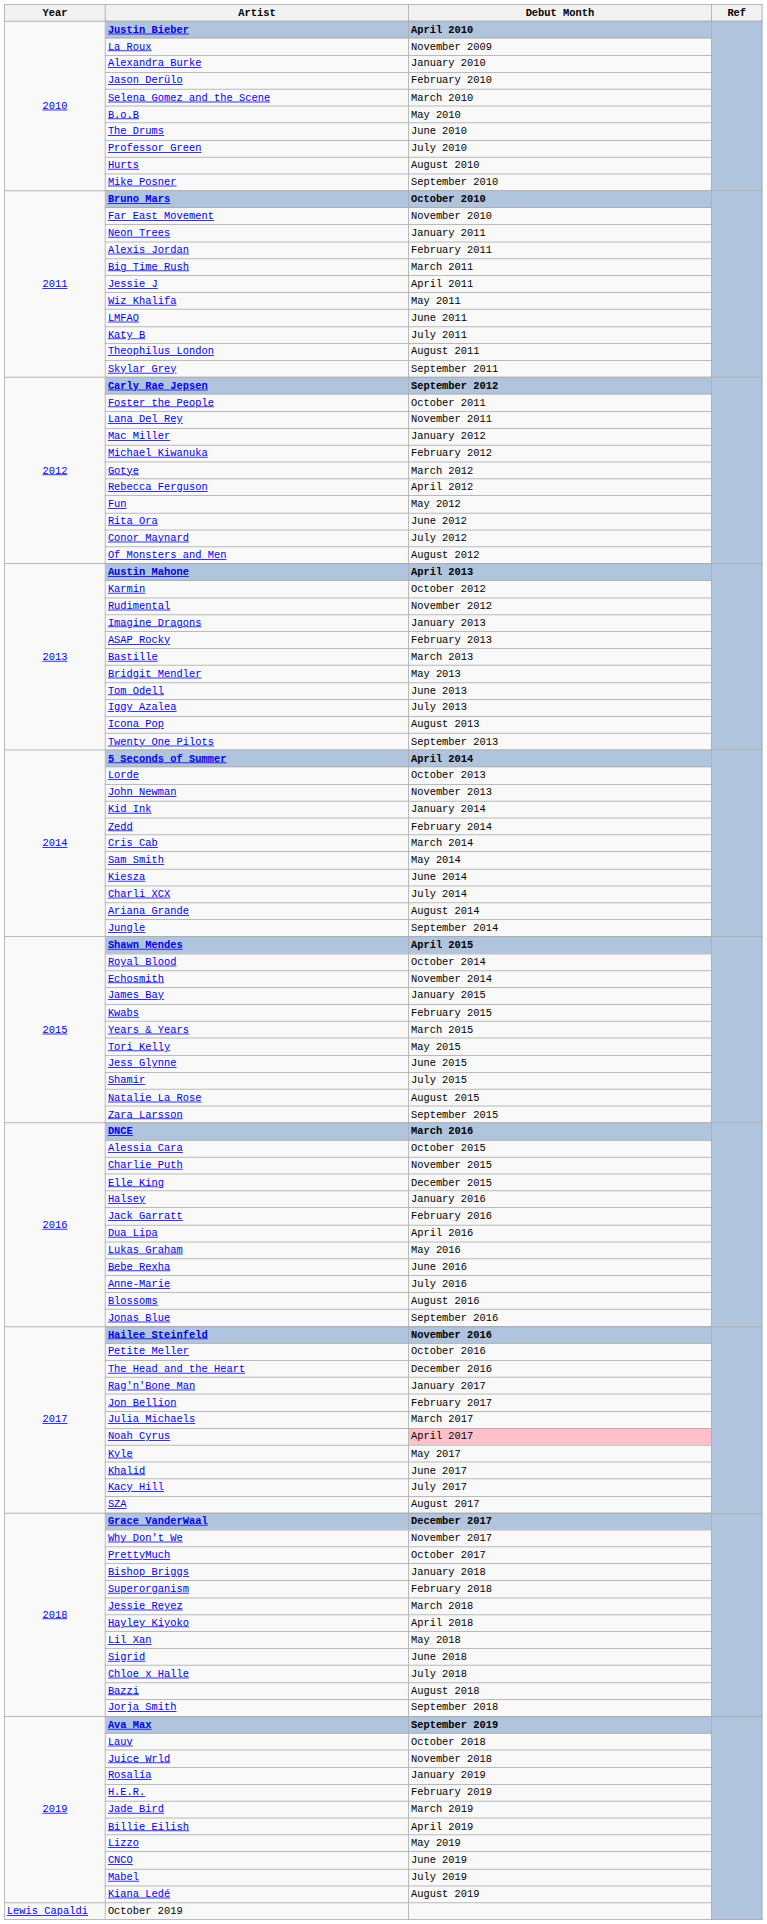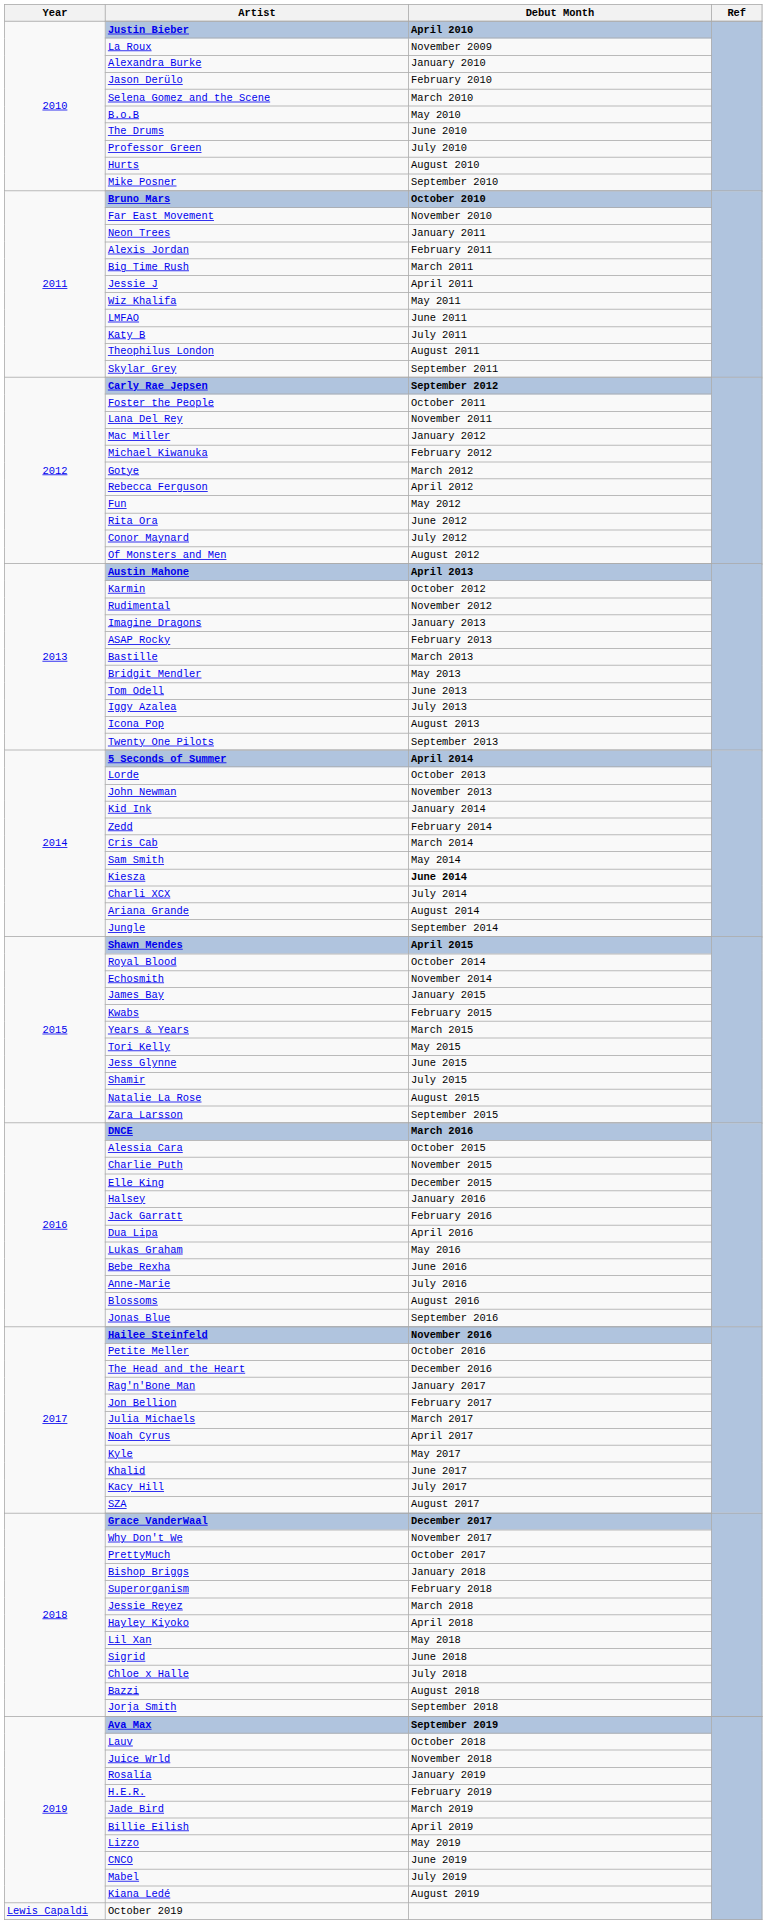 <table class="wikitable" style="width:75%;">
 <tr style="background:#bebebe;">
 <th style="width:10%;">Year</th>
 <th style="width:30%;">Artist</th>
 <th style="width:30%;">Debut Month</th>
 <th style="width:5%;">Ref</th>
 </tr>
 <tr>
 <td rowspan="11" align="center"><a href='#'>2010</a></td>
 </tr>
 <tr style="background:#B0C4DE">
 <td><strong><a href='#'>Justin Bieber</a></strong></td>
 <td><strong>April 2010</strong></td>
 <td rowspan="11" align="center"></td>
 </tr>
 <tr>
 <td><a href='#'>La Roux</a></td>
 <td>November 2009</td>
 </tr>
 <tr>
 <td><a href='#'>Alexandra Burke</a></td>
 <td>January 2010</td>
 </tr>
 <tr>
 <td><a href='#'>Jason Derülo</a></td>
 <td>February 2010</td>
 </tr>
 <tr>
 <td><a href='#'>Selena Gomez and the Scene</a></td>
 <td>March 2010</td>
 </tr>
 <tr>
 <td><a href='#'>B.o.B</a></td>
 <td>May 2010</td>
 </tr>
 <tr>
 <td><a href='#'>The Drums</a></td>
 <td>June 2010</td>
 </tr>
 <tr>
 <td><a href='#'>Professor Green</a></td>
 <td>July 2010</td>
 </tr>
 <tr>
 <td><a href='#'>Hurts</a></td>
 <td>August 2010</td>
 </tr>
 <tr>
 <td><a href='#'>Mike Posner</a></td>
 <td>September 2010</td>
 </tr>
 <tr>
 <td rowspan="12" align="center"><a href='#'>2011</a></td>
 </tr>
 <tr style="background:#B0C4DE">
 <td><strong><a href='#'>Bruno Mars</a></strong></td>
 <td><strong>October 2010</strong></td>
 <td rowspan="12" align="center"></td>
 </tr>
 <tr>
 <td><a href='#'>Far East Movement</a></td>
 <td>November 2010</td>
 </tr>
 <tr>
 <td><a href='#'>Neon Trees</a></td>
 <td>January 2011</td>
 </tr>
 <tr>
 <td><a href='#'>Alexis Jordan</a></td>
 <td>February 2011</td>
 </tr>
 <tr>
 <td><a href='#'>Big Time Rush</a></td>
 <td>March 2011</td>
 </tr>
 <tr>
 <td><a href='#'>Jessie J</a></td>
 <td>April 2011</td>
 </tr>
 <tr>
 <td><a href='#'>Wiz Khalifa</a></td>
 <td>May 2011</td>
 </tr>
 <tr>
 <td><a href='#'>LMFAO</a></td>
 <td>June 2011</td>
 </tr>
 <tr>
 <td><a href='#'>Katy B</a></td>
 <td>July 2011</td>
 </tr>
 <tr>
 <td><a href='#'>Theophilus London</a></td>
 <td>August 2011</td>
 </tr>
 <tr>
 <td><a href='#'>Skylar Grey</a></td>
 <td>September 2011</td>
 </tr>
 <tr>
 <td rowspan="12" align="center"><a href='#'>2012</a></td>
 </tr>
 <tr style="background:#B0C4DE">
 <td><strong><a href='#'>Carly Rae Jepsen</a></strong></td>
 <td><strong>September 2012</strong></td>
 <td rowspan="12" align="center"></td>
 </tr>
 <tr>
 <td><a href='#'>Foster the People</a></td>
 <td>October 2011</td>
 </tr>
 <tr>
 <td><a href='#'>Lana Del Rey</a></td>
 <td>November 2011</td>
 </tr>
 <tr>
 <td><a href='#'>Mac Miller</a></td>
 <td>January 2012</td>
 </tr>
 <tr>
 <td><a href='#'>Michael Kiwanuka</a></td>
 <td>February 2012</td>
 </tr>
 <tr>
 <td><a href='#'>Gotye</a></td>
 <td>March 2012</td>
 </tr>
 <tr>
 <td><a href='#'>Rebecca Ferguson</a></td>
 <td>April 2012</td>
 </tr>
 <tr>
 <td><a href='#'>Fun</a></td>
 <td>May 2012</td>
 </tr>
 <tr>
 <td><a href='#'>Rita Ora</a></td>
 <td>June 2012</td>
 </tr>
 <tr>
 <td><a href='#'>Conor Maynard</a></td>
 <td>July 2012</td>
 </tr>
 <tr>
 <td><a href='#'>Of Monsters and Men</a></td>
 <td>August 2012</td>
 </tr>
 <tr>
 <td rowspan="12" align="center"><a href='#'>2013</a></td>
 </tr>
 <tr style="background:#B0C4DE">
 <td><strong><a href='#'>Austin Mahone</a></strong></td>
 <td><strong>April 2013</strong></td>
 <td rowspan="12" align="center"></td>
 </tr>
 <tr>
 <td><a href='#'>Karmin</a></td>
 <td>October 2012</td>
 </tr>
 <tr>
 <td><a href='#'>Rudimental</a></td>
 <td>November 2012</td>
 </tr>
 <tr>
 <td><a href='#'>Imagine Dragons</a></td>
 <td>January 2013</td>
 </tr>
 <tr>
 <td><a href='#'>ASAP Rocky</a></td>
 <td>February 2013</td>
 </tr>
 <tr>
 <td><a href='#'>Bastille</a></td>
 <td>March 2013</td>
 </tr>
 <tr>
 <td><a href='#'>Bridgit Mendler</a></td>
 <td>May 2013</td>
 </tr>
 <tr>
 <td><a href='#'>Tom Odell</a></td>
 <td>June 2013</td>
 </tr>
 <tr>
 <td><a href='#'>Iggy Azalea</a></td>
 <td>July 2013</td>
 </tr>
 <tr>
 <td><a href='#'>Icona Pop</a></td>
 <td>August 2013</td>
 </tr>
 <tr>
 <td><a href='#'>Twenty One Pilots</a></td>
 <td>September 2013</td>
 </tr>
 <tr>
 <td rowspan="12" align="center"><a href='#'>2014</a></td>
 </tr>
 <tr style="background:#B0C4DE">
 <td><strong><a href='#'>5 Seconds of Summer</a></strong></td>
 <td><strong>April 2014</strong></td>
 <td rowspan="12" align="center"></td>
 </tr>
 <tr>
 <td><a href='#'>Lorde</a></td>
 <td>October 2013</td>
 </tr>
 <tr>
 <td><a href='#'>John Newman</a></td>
 <td>November 2013</td>
 </tr>
 <tr>
 <td><a href='#'>Kid Ink</a></td>
 <td>January 2014</td>
 </tr>
 <tr>
 <td><a href='#'>Zedd</a></td>
 <td>February 2014</td>
 </tr>
 <tr>
 <td><a href='#'>Cris Cab</a></td>
 <td>March 2014</td>
 </tr>
 <tr>
 <td><a href='#'>Sam Smith</a></td>
 <td>May 2014</td>
 </tr>
 <tr>
 <td><a href='#'>Kiesza</a></td>
-<td>June 2014</td>
+<td><strong>June 2014</strong></td>
 </tr>
 <tr>
 <td><a href='#'>Charli XCX</a></td>
 <td>July 2014</td>
 </tr>
 <tr>
 <td><a href='#'>Ariana Grande</a></td>
 <td>August 2014</td>
 </tr>
 <tr>
 <td><a href='#'>Jungle</a></td>
 <td>September 2014</td>
 </tr>
 <tr>
 <td rowspan="12" align="center"><a href='#'>2015</a></td>
 </tr>
 <tr style="background:#B0C4DE">
 <td><strong><a href='#'>Shawn Mendes</a></strong></td>
 <td><strong>April 2015</strong></td>
 <td rowspan="12" align="center"></td>
 </tr>
 <tr>
 <td><a href='#'>Royal Blood</a></td>
 <td>October 2014</td>
 </tr>
 <tr>
 <td><a href='#'>Echosmith</a></td>
 <td>November 2014</td>
 </tr>
 <tr>
 <td><a href='#'>James Bay</a></td>
 <td>January 2015</td>
 </tr>
 <tr>
 <td><a href='#'>Kwabs</a></td>
 <td>February 2015</td>
 </tr>
 <tr>
 <td><a href='#'>Years & Years</a></td>
 <td>March 2015</td>
 </tr>
 <tr>
 <td><a href='#'>Tori Kelly</a></td>
 <td>May 2015</td>
 </tr>
 <tr>
 <td><a href='#'>Jess Glynne</a></td>
 <td>June 2015</td>
 </tr>
 <tr>
 <td><a href='#'>Shamir</a></td>
 <td>July 2015</td>
 </tr>
 <tr>
 <td><a href='#'>Natalie La Rose</a></td>
 <td>August 2015</td>
 </tr>
 <tr>
 <td><a href='#'>Zara Larsson</a></td>
 <td>September 2015</td>
 </tr>
 <tr>
 <td rowspan="13" align="center"><a href='#'>2016</a></td>
 </tr>
 <tr style="background:#B0C4DE">
 <td><strong><a href='#'>DNCE</a></strong></td>
 <td><strong>March 2016</strong></td>
 <td rowspan="13" align="center"></td>
 </tr>
 <tr>
 <td><a href='#'>Alessia Cara</a></td>
 <td>October 2015</td>
 </tr>
 <tr>
 <td><a href='#'>Charlie Puth</a></td>
 <td>November 2015</td>
 </tr>
 <tr>
 <td><a href='#'>Elle King</a></td>
 <td>December 2015</td>
 </tr>
 <tr>
 <td><a href='#'>Halsey</a></td>
 <td>January 2016</td>
 </tr>
 <tr>
 <td><a href='#'>Jack Garratt</a></td>
 <td>February 2016</td>
 </tr>
 <tr>
 <td><a href='#'>Dua Lipa</a></td>
 <td>April 2016</td>
 </tr>
 <tr>
 <td><a href='#'>Lukas Graham</a></td>
 <td>May 2016</td>
 </tr>
 <tr>
 <td><a href='#'>Bebe Rexha</a></td>
 <td>June 2016</td>
 </tr>
 <tr>
 <td><a href='#'>Anne-Marie</a></td>
 <td>July 2016</td>
 </tr>
 <tr>
 <td><a href='#'>Blossoms</a></td>
 <td>August 2016</td>
 </tr>
 <tr>
 <td><a href='#'>Jonas Blue</a></td>
 <td>September 2016</td>
 </tr>
 <tr>
 <td rowspan="12" align="center"><a href='#'>2017</a></td>
 </tr>
 <tr style="background:#B0C4DE">
 <td><strong><a href='#'>Hailee Steinfeld</a></strong></td>
 <td><strong>November 2016</strong></td>
 <td rowspan="12" align="center"></td>
 </tr>
 <tr>
 <td><a href='#'>Petite Meller</a></td>
 <td>October 2016</td>
 </tr>
 <tr>
 <td><a href='#'>The Head and the Heart</a></td>
 <td>December 2016</td>
 </tr>
 <tr>
 <td><a href='#'>Rag'n'Bone Man</a></td>
 <td>January 2017</td>
 </tr>
 <tr>
 <td><a href='#'>Jon Bellion</a></td>
 <td>February 2017</td>
 </tr>
 <tr>
 <td><a href='#'>Julia Michaels</a></td>
 <td>March 2017</td>
 </tr>
 <tr>
 <td><a href='#'>Noah Cyrus</a></td>
-<td style="background: pink;">April 2017</td>
+<td>April 2017</td>
 </tr>
 <tr>
 <td><a href='#'>Kyle</a></td>
 <td>May 2017</td>
 </tr>
 <tr>
 <td><a href='#'>Khalid</a></td>
 <td>June 2017</td>
 </tr>
 <tr>
 <td><a href='#'>Kacy Hill</a></td>
 <td>July 2017</td>
 </tr>
 <tr>
 <td><a href='#'>SZA</a></td>
 <td>August 2017</td>
 </tr>
 <tr>
 <td rowspan="13" align="center"><a href='#'>2018</a></td>
 </tr>
 <tr style="background:#B0C4DE">
 <td><strong><a href='#'>Grace VanderWaal</a></strong></td>
 <td><strong>December 2017</strong></td>
 <td rowspan="13" align="center"></td>
 </tr>
 <tr>
 <td><a href='#'>Why Don't We</a></td>
 <td>November 2017</td>
 </tr>
 <tr>
 <td><a href='#'>PrettyMuch</a></td>
 <td>October 2017</td>
 </tr>
 <tr>
 <td><a href='#'>Bishop Briggs</a></td>
 <td>January 2018</td>
 </tr>
 <tr>
 <td><a href='#'>Superorganism</a></td>
 <td>February 2018</td>
 </tr>
 <tr>
 <td><a href='#'>Jessie Reyez</a></td>
 <td>March 2018</td>
 </tr>
 <tr>
 <td><a href='#'>Hayley Kiyoko</a></td>
 <td>April 2018</td>
 </tr>
 <tr>
 <td><a href='#'>Lil Xan</a></td>
 <td>May 2018</td>
 </tr>
 <tr>
 <td><a href='#'>Sigrid</a></td>
 <td>June 2018</td>
 </tr>
 <tr>
 <td><a href='#'>Chloe x Halle</a></td>
 <td>July 2018</td>
 </tr>
 <tr>
 <td><a href='#'>Bazzi</a></td>
 <td>August 2018</td>
 </tr>
 <tr>
 <td><a href='#'>Jorja Smith</a></td>
 <td>September 2018</td>
 </tr>
 <tr>
 <td rowspan="13" align="center"><a href='#'>2019</a></td>
 </tr>
 <tr>
 </tr>
 <tr style="background:#B0C4DE">
 <td><strong><a href='#'>Ava Max</a></strong></td>
 <td><strong>September 2019</strong></td>
 <td rowspan="13" align="center"></td>
 </tr>
 <tr>
 <td><a href='#'>Lauv</a></td>
 <td>October 2018</td>
 </tr>
 <tr>
 <td><a href='#'>Juice Wrld</a></td>
 <td>November 2018</td>
 </tr>
 <tr>
 <td><a href='#'>Rosalía</a></td>
 <td>January 2019</td>
 </tr>
 <tr>
 <td><a href='#'>H.E.R.</a></td>
 <td>February 2019</td>
 </tr>
 <tr>
 <td><a href='#'>Jade Bird</a></td>
 <td>March 2019</td>
 </tr>
 <tr>
 <td><a href='#'>Billie Eilish</a></td>
 <td>April 2019</td>
 </tr>
 <tr>
 <td><a href='#'>Lizzo</a></td>
 <td>May 2019</td>
 </tr>
 <tr>
 <td><a href='#'>CNCO</a></td>
 <td>June 2019</td>
 </tr>
 <tr>
 <td><a href='#'>Mabel</a></td>
 <td>July 2019</td>
 </tr>
 <tr>
 <td><a href='#'>Kiana Ledé</a></td>
 <td>August 2019</td>
 </tr>
 <tr>
 <td><a href='#'>Lewis Capaldi</a></td>
 <td>October 2019</td>
 </tr>
 </table>
